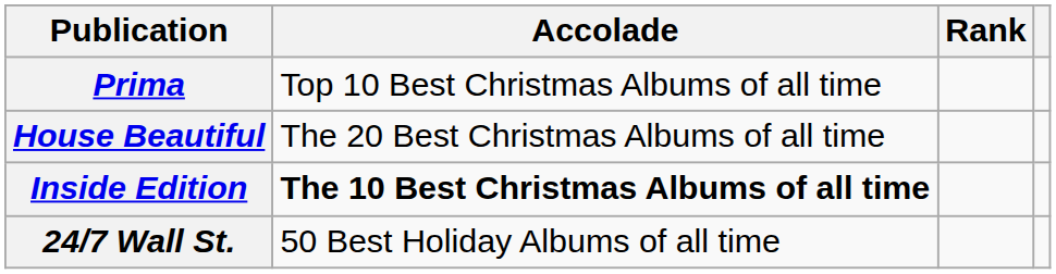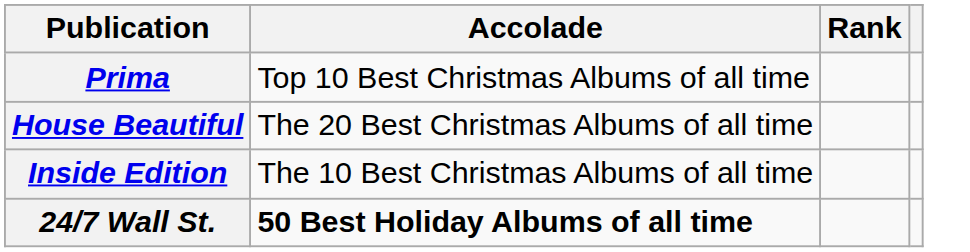 <table class="wikitable sortable plainrowheaders">
 <tr>
 <th scope="col">Publication</th>
 <th scope="col">Accolade</th>
 <th scope="col">Rank</th>
 <th scope="col" class="unsortable"></th>
 </tr>
 <tr>
 <th scope="row"><em><a href='#'>Prima</a></em></th>
 <td>Top 10 Best Christmas Albums of all time</td>
 <td></td>
 <td></td>
 </tr>
 <tr>
 <th scope="row"><em><a href='#'>House Beautiful</a></em></th>
 <td>The 20 Best Christmas Albums of all time</td>
 <td></td>
 <td></td>
 </tr>
 <tr>
 <th scope="row"><em><a href='#'>Inside Edition</a></em></th>
-<td><strong>The 10 Best Christmas Albums of all time</strong></td>
+<td>The 10 Best Christmas Albums of all time</td>
 <td></td>
 <td></td>
 </tr>
 <tr>
 <th scope="row"><em>24/7 Wall St.</em></th>
-<td>50 Best Holiday Albums of all time</td>
+<td><strong>50 Best Holiday Albums of all time</strong></td>
 <td></td>
 <td></td>
 </tr>
 </table>
